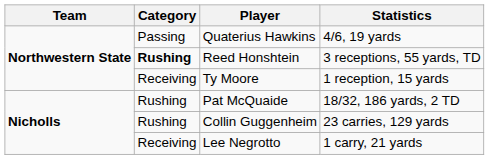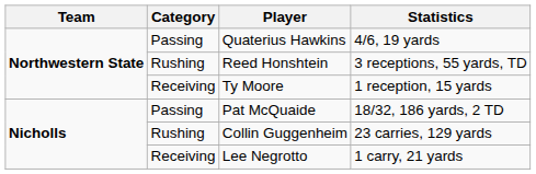 <table class="wikitable" style="float: right;">
 <tr>
 <th>Team</th>
 <th>Category</th>
 <th>Player</th>
 <th>Statistics</th>
 </tr>
 <tr>
 <td rowspan=3><strong>Northwestern State</strong></td>
 <td>Passing</td>
 <td>Quaterius Hawkins</td>
 <td>4/6, 19 yards</td>
 </tr>
 <tr>
-<td><strong>Rushing</strong></td>
+<td>Rushing</td>
 <td>Reed Honshtein</td>
 <td>3 receptions, 55 yards, TD</td>
 </tr>
 <tr>
 <td>Receiving</td>
 <td>Ty Moore</td>
 <td>1 reception, 15 yards</td>
 </tr>
 <tr>
 <td rowspan=3><strong>Nicholls</strong></td>
-<td>Rushing</td>
+<td>Passing</td>
 <td>Pat McQuaide</td>
 <td>18/32, 186 yards, 2 TD</td>
 </tr>
 <tr>
 <td>Rushing</td>
 <td>Collin Guggenheim</td>
 <td>23 carries, 129 yards</td>
 </tr>
 <tr>
 <td>Receiving</td>
 <td>Lee Negrotto</td>
 <td>1 carry, 21 yards</td>
 </tr>
 </table>
